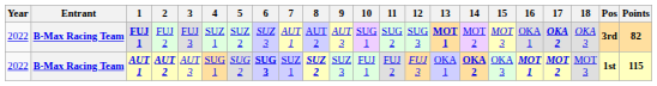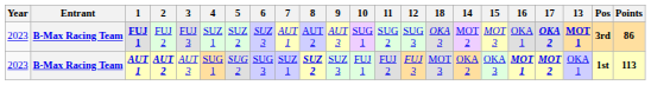 <table class="wikitable" style="text-align:center; font-size:90%">
 <tr>
 <th>Year</th>
 <th>Entrant</th>
 <th>1</th>
 <th>2</th>
 <th>3</th>
 <th>4</th>
 <th>5</th>
 <th>6</th>
 <th>7</th>
 <th>8</th>
 <th>9</th>
 <th>10</th>
 <th>11</th>
 <th>12</th>
-<th>13</th>
+<th>18</th>
 <th>14</th>
 <th>15</th>
 <th>16</th>
 <th>17</th>
-<th>18</th>
+<th>13</th>
 <th>Pos</th>
 <th>Points</th>
 </tr>
 <tr>
-<td><a href='#'>2022</a></td>
+<td><a href='#'>2023</a></td>
 <th><a href='#'>B-Max Racing Team</a></th>
 <td style="background:#DFDFDF;"><strong><a href='#'>FUJ<br>1</a><br></strong></td>
 <td style="background:#DFFFDF;"><a href='#'>FUJ<br>2</a><br></td>
 <td style="background:#DFDFDF;"><a href='#'>FUJ<br>3</a><br></td>
 <td style="background:#DFFFDF;"><a href='#'>SUZ<br>1</a><br></td>
 <td style="background:#DFFFDF;"><a href='#'>SUZ<br>2</a><br></td>
 <td style="background:#CFCFFF;"><em><a href='#'>SUZ<br>3</a></em><br></td>
 <td style="background:#FFFFBF;"><em><a href='#'>AUT<br>1</a></em><br></td>
 <td style="background:#CFCFFF;"><a href='#'>AUT<br>2</a><br></td>
 <td style="background:#FFFFBF;"><em><a href='#'>AUT<br>3</a></em><br></td>
 <td style="background:#EFCFFF;"><a href='#'>SUG<br>1</a><br></td>
 <td style="background:#DFFFDF;"><a href='#'>SUG<br>2</a><br></td>
 <td style="background:#DFFFDF;"><a href='#'>SUG<br>3</a><br></td>
-<td style="background:#FFDF9F;"><strong><a href='#'>MOT<br>1</a></strong><br></td>
+<td style="background:#DFDFDF;"><em><a href='#'>OKA<br>3</a></em><br></td>
 <td style="background:#EFCFFF;"><a href='#'>MOT<br>2</a><br></td>
 <td style="background:#FFFFBF;"><em><a href='#'>MOT<br>3</a></em><br></td>
 <td style="background:#DFDFDF;"><a href='#'>OKA<br>1</a><br></td>
 <td style="background:#DFDFDF;"><strong><em><a href='#'>OKA<br>2</a></em></strong><br></td>
-<td style="background:#DFDFDF;"><em><a href='#'>OKA<br>3</a></em><br></td>
+<td style="background:#FFDF9F;"><strong><a href='#'>MOT<br>1</a></strong><br></td>
 <th style="background:#FFDF9F;">3rd</th>
-<th style="background:#FFDF9F;">82</th>
+<th style="background:#FFDF9F;">86</th>
 </tr>
 <tr>
-<td><a href='#'>2022</a></td>
+<td><a href='#'>2023</a></td>
 <th><a href='#'>B-Max Racing Team</a></th>
 <td style="background:#FFFFBF;"><strong><em><a href='#'>AUT<br>1</a></em></strong><br></td>
 <td style="background:#FFFFBF;"><strong><em><a href='#'>AUT<br>2</a></em></strong><br></td>
 <td style="background:#FFFFBF;"><em><a href='#'>AUT<br>3</a></em><br></td>
 <td style="background:#FFDF9F;"><a href='#'>SUG<br>1</a><br></td>
 <td style="background:#DFDFDF;"><em><a href='#'>SUG<br>2</a></em><br></td>
-<td style="background:#CFCFFF;"><strong><a href='#'>SUG<br>3</a><br></strong></td>
+<td style="background:#CFCFFF;"><a href='#'>SUG<br>3</a><br></td>
 <td style="background:#CFCFFF;"><a href='#'>SUZ<br>1</a><br></td>
 <td style="background:#FFFFBF;"><strong><em><a href='#'>SUZ<br>2</a></em></strong><br></td>
 <td style="background:#DFFFDF;"><a href='#'>SUZ<br>3</a><br></td>
 <td style="background:#DFFFDF;"><a href='#'>FUJ<br>1</a><br></td>
 <td style="background:#DFDFDF;"><a href='#'>FUJ<br>2</a><br></td>
 <td style="background:#FFDF9F;"><em><a href='#'>FUJ<br>3</a></em><br></td>
-<td style="background:#CFCFFF;"><a href='#'>OKA<br>1</a><br></td>
-<td style="background:#FFDF9F;"><strong><a href='#'>OKA<br>2</a><br></strong></td>
+<td style="background:#DFDFDF;"><a href='#'>MOT<br>3</a><br></td>
+<td style="background:#FFDF9F;"><a href='#'>OKA<br>2</a><br></td>
 <td style="background:#DFFFDF;"><a href='#'>OKA<br>3</a><br></td>
 <td style="background:#FFFFBF;"><strong><em><a href='#'>MOT<br>1</a></em></strong><br></td>
 <td style="background:#FFFFBF;"><strong><em><a href='#'>MOT<br>2</a></em></strong><br></td>
-<td style="background:#DFDFDF;"><a href='#'>MOT<br>3</a><br></td>
+<td style="background:#CFCFFF;"><a href='#'>OKA<br>1</a><br></td>
 <th style="background:#FFFFBF;">1st</th>
-<th style="background:#FFFFBF;">115</th>
+<th style="background:#FFFFBF;">113</th>
 </tr>
 </table>
